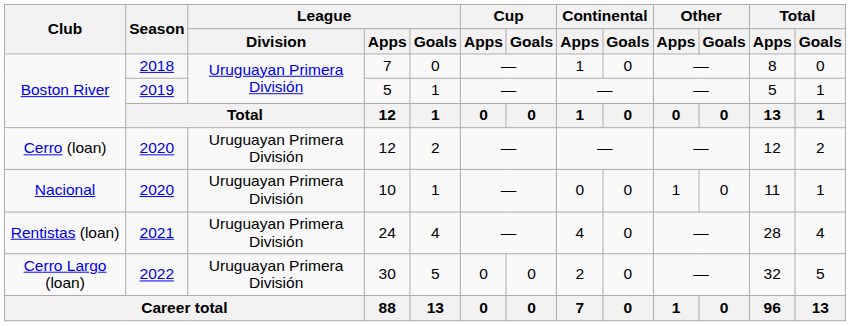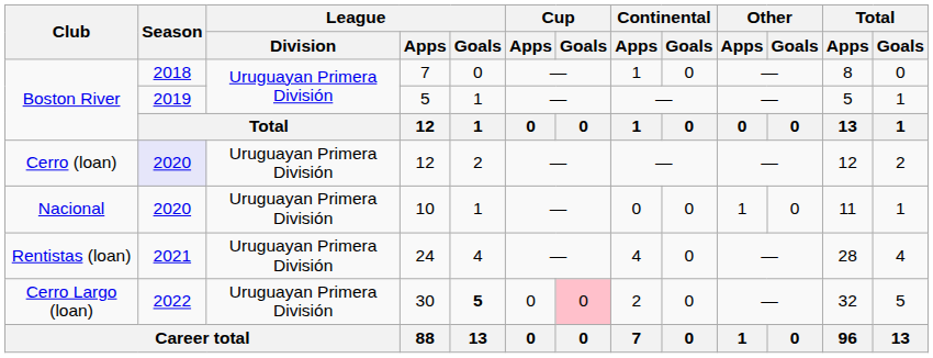 <table class="wikitable" style="text-align: center">
 <tr>
 <th rowspan="2">Club</th>
 <th rowspan="2">Season</th>
 <th colspan="3">League</th>
 <th colspan="2">Cup</th>
 <th colspan="2">Continental</th>
 <th colspan="2">Other</th>
 <th colspan="2">Total</th>
 </tr>
 <tr>
 <th>Division</th>
 <th>Apps</th>
 <th>Goals</th>
 <th>Apps</th>
 <th>Goals</th>
 <th>Apps</th>
 <th>Goals</th>
 <th>Apps</th>
 <th>Goals</th>
 <th>Apps</th>
 <th>Goals</th>
 </tr>
 <tr>
 <td rowspan="3"><a href='#'>Boston River</a></td>
 <td><a href='#'>2018</a></td>
 <td rowspan="2"><a href='#'>Uruguayan Primera División</a></td>
 <td>7</td>
 <td>0</td>
 <td colspan="2">—</td>
 <td>1</td>
 <td>0</td>
 <td colspan="2">—</td>
 <td>8</td>
 <td>0</td>
 </tr>
 <tr>
 <td><a href='#'>2019</a></td>
 <td>5</td>
 <td>1</td>
 <td colspan="2">—</td>
 <td colspan="2">—</td>
 <td colspan="2">—</td>
 <td>5</td>
 <td>1</td>
 </tr>
 <tr>
 <th colspan="2">Total</th>
 <th>12</th>
 <th>1</th>
 <th>0</th>
 <th>0</th>
 <th>1</th>
 <th>0</th>
 <th>0</th>
 <th>0</th>
 <th>13</th>
 <th>1</th>
 </tr>
 <tr>
 <td><a href='#'>Cerro</a> (loan)</td>
-<td><a href='#'>2020</a></td>
+<td style="background: lavender;"><a href='#'>2020</a></td>
 <td>Uruguayan Primera División</td>
 <td>12</td>
 <td>2</td>
 <td colspan="2">—</td>
 <td colspan="2">—</td>
 <td colspan="2">—</td>
 <td>12</td>
 <td>2</td>
 </tr>
 <tr>
 <td><a href='#'>Nacional</a></td>
 <td><a href='#'>2020</a></td>
 <td>Uruguayan Primera División</td>
 <td>10</td>
 <td>1</td>
 <td colspan="2">—</td>
 <td>0</td>
 <td>0</td>
 <td>1</td>
 <td>0</td>
 <td>11</td>
 <td>1</td>
 </tr>
 <tr>
 <td><a href='#'>Rentistas</a> (loan)</td>
 <td><a href='#'>2021</a></td>
 <td>Uruguayan Primera División</td>
 <td>24</td>
 <td>4</td>
 <td colspan="2">—</td>
 <td>4</td>
 <td>0</td>
 <td colspan="2">—</td>
 <td>28</td>
 <td>4</td>
 </tr>
 <tr>
 <td><a href='#'>Cerro Largo</a> (loan)</td>
 <td><a href='#'>2022</a></td>
 <td>Uruguayan Primera División</td>
 <td>30</td>
-<td>5</td>
+<td><strong>5</strong></td>
 <td>0</td>
-<td>0</td>
+<td style="background: pink;">0</td>
 <td>2</td>
 <td>0</td>
 <td colspan="2">—</td>
 <td>32</td>
 <td>5</td>
 </tr>
 <tr>
 <th colspan="3">Career total</th>
 <th>88</th>
 <th>13</th>
 <th>0</th>
 <th>0</th>
 <th>7</th>
 <th>0</th>
 <th>1</th>
 <th>0</th>
 <th>96</th>
 <th>13</th>
 </tr>
 </table>
